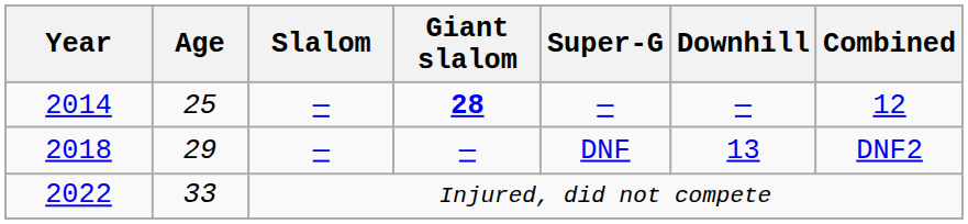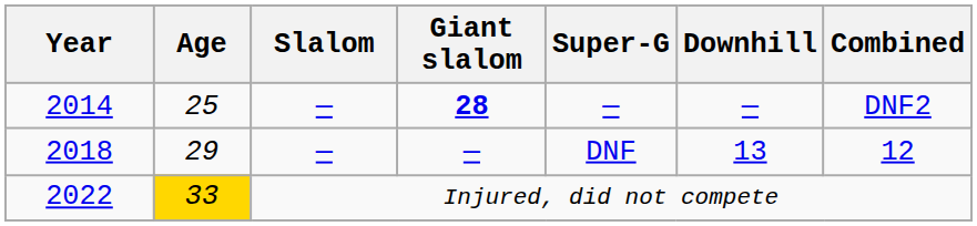 <table class=wikitable style="text-align:center">
 <tr>
 <th>  Year  </th>
 <th> Age </th>
 <th> Slalom </th>
 <th> Giant <br> slalom </th>
 <th>Super-G</th>
 <th>Downhill</th>
 <th>Combined</th>
 </tr>
 <tr>
 <td><a href='#'>2014</a></td>
 <td><em>25</em></td>
 <td><a href='#'>—</a></td>
 <td><strong><a href='#'>28</a></strong></td>
 <td><a href='#'>—</a></td>
 <td><a href='#'>—</a></td>
-<td><a href='#'>12</a></td>
+<td><a href='#'>DNF2</a></td>
 </tr>
 <tr>
 <td><a href='#'>2018</a></td>
 <td><em>29</em></td>
 <td><a href='#'>—</a></td>
 <td><a href='#'>—</a></td>
 <td><a href='#'>DNF</a></td>
 <td><a href='#'>13</a></td>
-<td><a href='#'>DNF2</a></td>
+<td><a href='#'>12</a></td>
 </tr>
 <tr>
 <td><a href='#'>2022</a></td>
-<td><em>33</em></td>
+<td style="background: gold;"><em>33</em></td>
 <td colspan=5><em><small>Injured, did not compete</small></em></td>
 </tr>
 </table>
